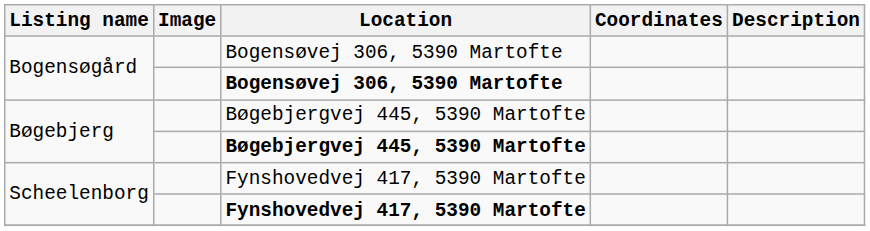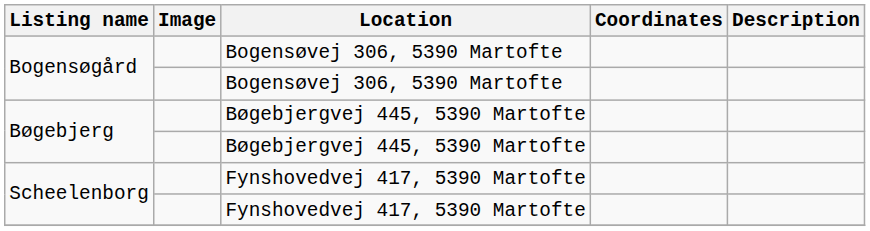 <table class="wikitable sortable">
 <tr>
 <th>Listing name</th>
 <th>Image</th>
 <th>Location</th>
 <th>Coordinates</th>
 <th>Description</th>
 </tr>
 <tr>
 <td rowspan="2">Bogensøgård</td>
 <td></td>
 <td>Bogensøvej 306, 5390 Martofte</td>
 <td></td>
 <td></td>
 </tr>
 <tr>
 <td></td>
-<td><strong>Bogensøvej 306, 5390 Martofte</strong></td>
+<td>Bogensøvej 306, 5390 Martofte</td>
 <td></td>
 <td></td>
 </tr>
 <tr>
 <td rowspan="2">Bøgebjerg</td>
 <td></td>
 <td>Bøgebjergvej 445, 5390 Martofte</td>
 <td></td>
 <td></td>
 </tr>
 <tr>
 <td></td>
-<td><strong>Bøgebjergvej 445, 5390 Martofte</strong></td>
+<td>Bøgebjergvej 445, 5390 Martofte</td>
 <td></td>
 <td></td>
 </tr>
 <tr>
 <td rowspan="2">Scheelenborg</td>
 <td></td>
 <td>Fynshovedvej 417, 5390 Martofte</td>
 <td></td>
 <td></td>
 </tr>
 <tr>
 <td></td>
-<td><strong>Fynshovedvej 417, 5390 Martofte</strong></td>
+<td>Fynshovedvej 417, 5390 Martofte</td>
 <td></td>
 <td></td>
 </tr>
 <tr>
 </tr>
 </table>
